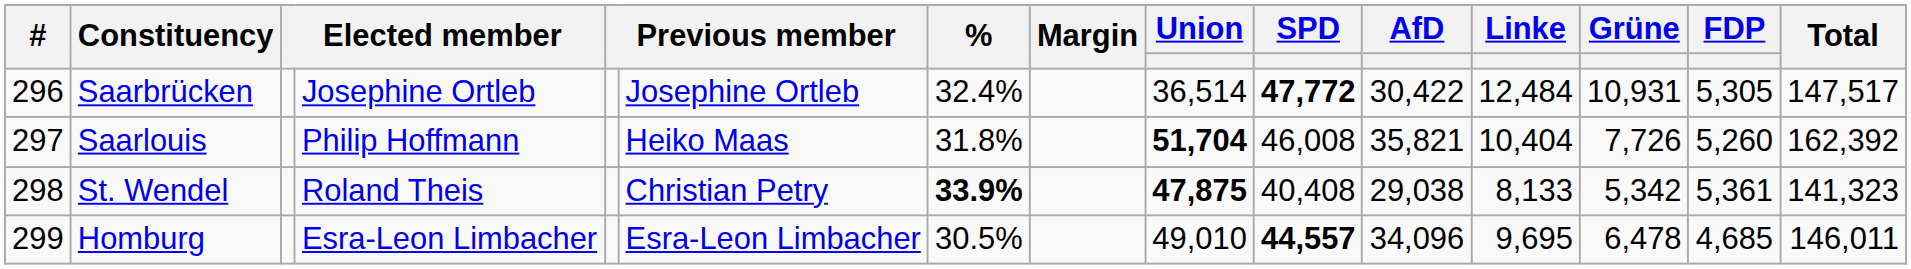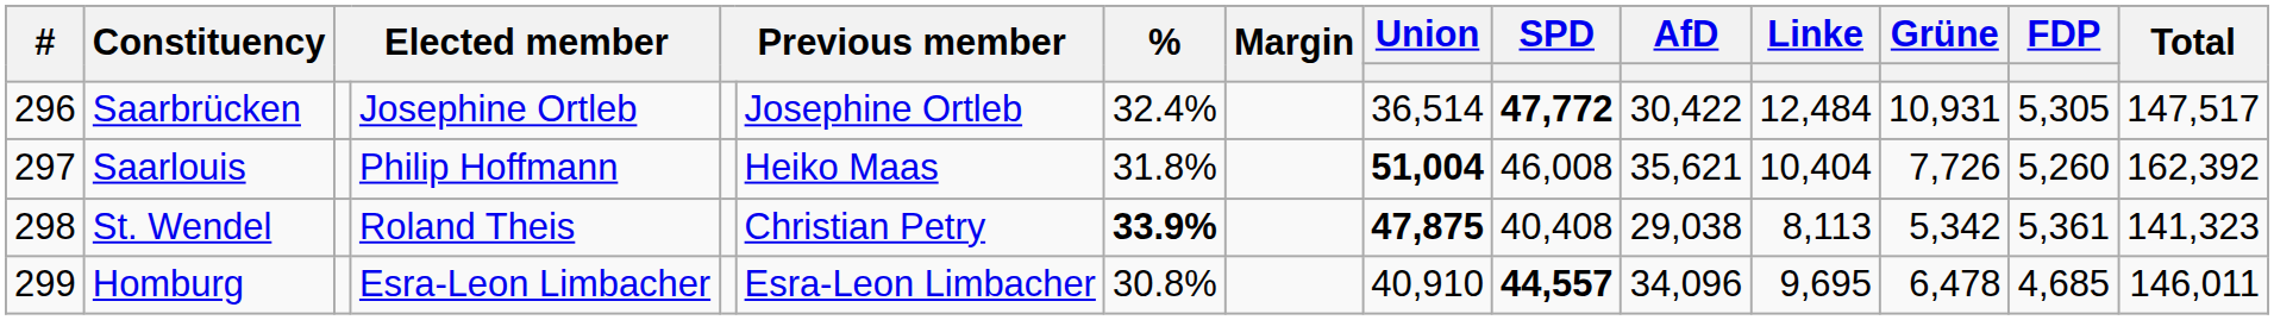 <table class="wikitable sortable" style="text-align:right">
 <tr>
 <th rowspan="2">#</th>
 <th rowspan="2">Constituency</th>
 <th rowspan="2" colspan="2">Elected member</th>
 <th rowspan="2" colspan="2">Previous member</th>
 <th rowspan="2">%</th>
 <th rowspan="2">Margin</th>
 <th class="wikitable sortable" style="width:40px;"><a href='#'>Union</a></th>
 <th class="wikitable sortable" style="width:40px;"><a href='#'>SPD</a></th>
 <th class="wikitable sortable" style="width:40px;"><a href='#'>AfD</a></th>
 <th class="wikitable sortable" style="width:40px;"><a href='#'>Linke</a></th>
 <th class="wikitable sortable" style="width:40px;"><a href='#'>Grüne</a></th>
 <th class="wikitable sortable" style="width:40px;"><a href='#'>FDP</a></th>
 <th class="wikitable sortable" style="width:40px;" rowspan="2">Total</th>
 </tr>
 <tr>
 <th class="wikitable sortable" style="background:"></th>
 <th class="wikitable sortable" style="background:"></th>
 <th class="wikitable sortable" style="background:"></th>
 <th class="wikitable sortable" style="background:"></th>
 <th class="wikitable sortable" style="background:"></th>
 <th class="wikitable sortable" style="background:"></th>
 </tr>
 <tr>
 <td>296</td>
 <td align=left><a href='#'>Saarbrücken</a></td>
 <td bgcolor=></td>
 <td align=left><a href='#'>Josephine Ortleb</a></td>
 <td bgcolor=></td>
 <td align=left><a href='#'>Josephine Ortleb</a></td>
 <td>32.4%</td>
 <td></td>
 <td>36,514</td>
 <td><strong>47,772</strong></td>
 <td>30,422</td>
 <td>12,484</td>
 <td>10,931</td>
 <td>5,305</td>
 <td>147,517</td>
 </tr>
 <tr>
 <td>297</td>
 <td align=left><a href='#'>Saarlouis</a></td>
 <td bgcolor=></td>
 <td align=left><a href='#'>Philip Hoffmann</a></td>
 <td bgcolor=></td>
 <td align=left><a href='#'>Heiko Maas</a></td>
 <td>31.8%</td>
 <td></td>
-<td><strong>51,704</strong></td>
+<td><strong>51,004</strong></td>
 <td>46,008</td>
-<td>35,821</td>
+<td>35,621</td>
 <td>10,404</td>
 <td>7,726</td>
 <td>5,260</td>
 <td>162,392</td>
 </tr>
 <tr>
 <td>298</td>
 <td align=left><a href='#'>St. Wendel</a></td>
 <td bgcolor=></td>
 <td align=left><a href='#'>Roland Theis</a></td>
 <td bgcolor=></td>
 <td align=left><a href='#'>Christian Petry</a></td>
 <td><strong>33.9%</strong></td>
 <td></td>
 <td><strong>47,875</strong></td>
 <td>40,408</td>
 <td>29,038</td>
-<td>8,133</td>
+<td>8,113</td>
 <td>5,342</td>
 <td>5,361</td>
 <td>141,323</td>
 </tr>
 <tr>
 <td>299</td>
 <td align=left><a href='#'>Homburg</a></td>
 <td bgcolor=></td>
 <td align=left><a href='#'>Esra-Leon Limbacher</a></td>
 <td bgcolor=></td>
 <td align=left><a href='#'>Esra-Leon Limbacher</a></td>
-<td>30.5%</td>
+<td>30.8%</td>
 <td></td>
-<td>49,010</td>
+<td>40,910</td>
 <td><strong>44,557</strong></td>
 <td>34,096</td>
 <td>9,695</td>
 <td>6,478</td>
 <td>4,685</td>
 <td>146,011</td>
 </tr>
 </table>
